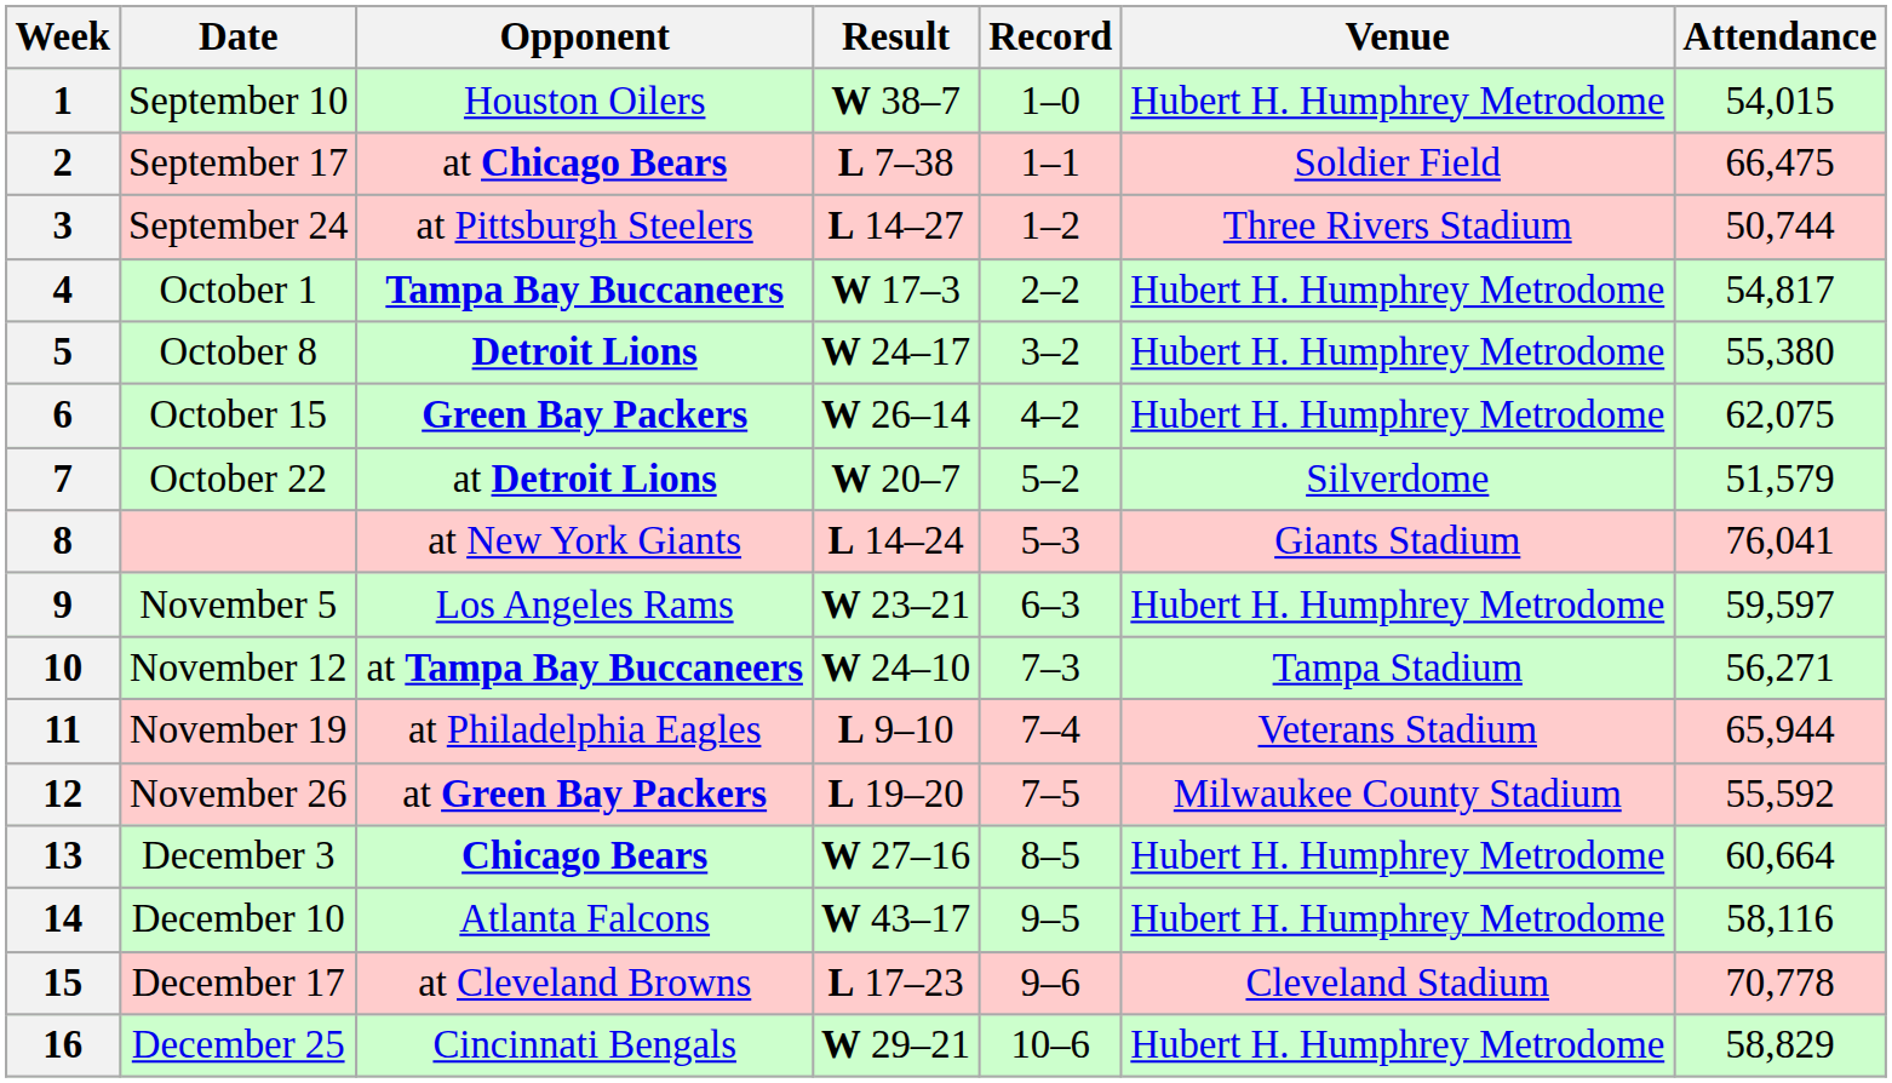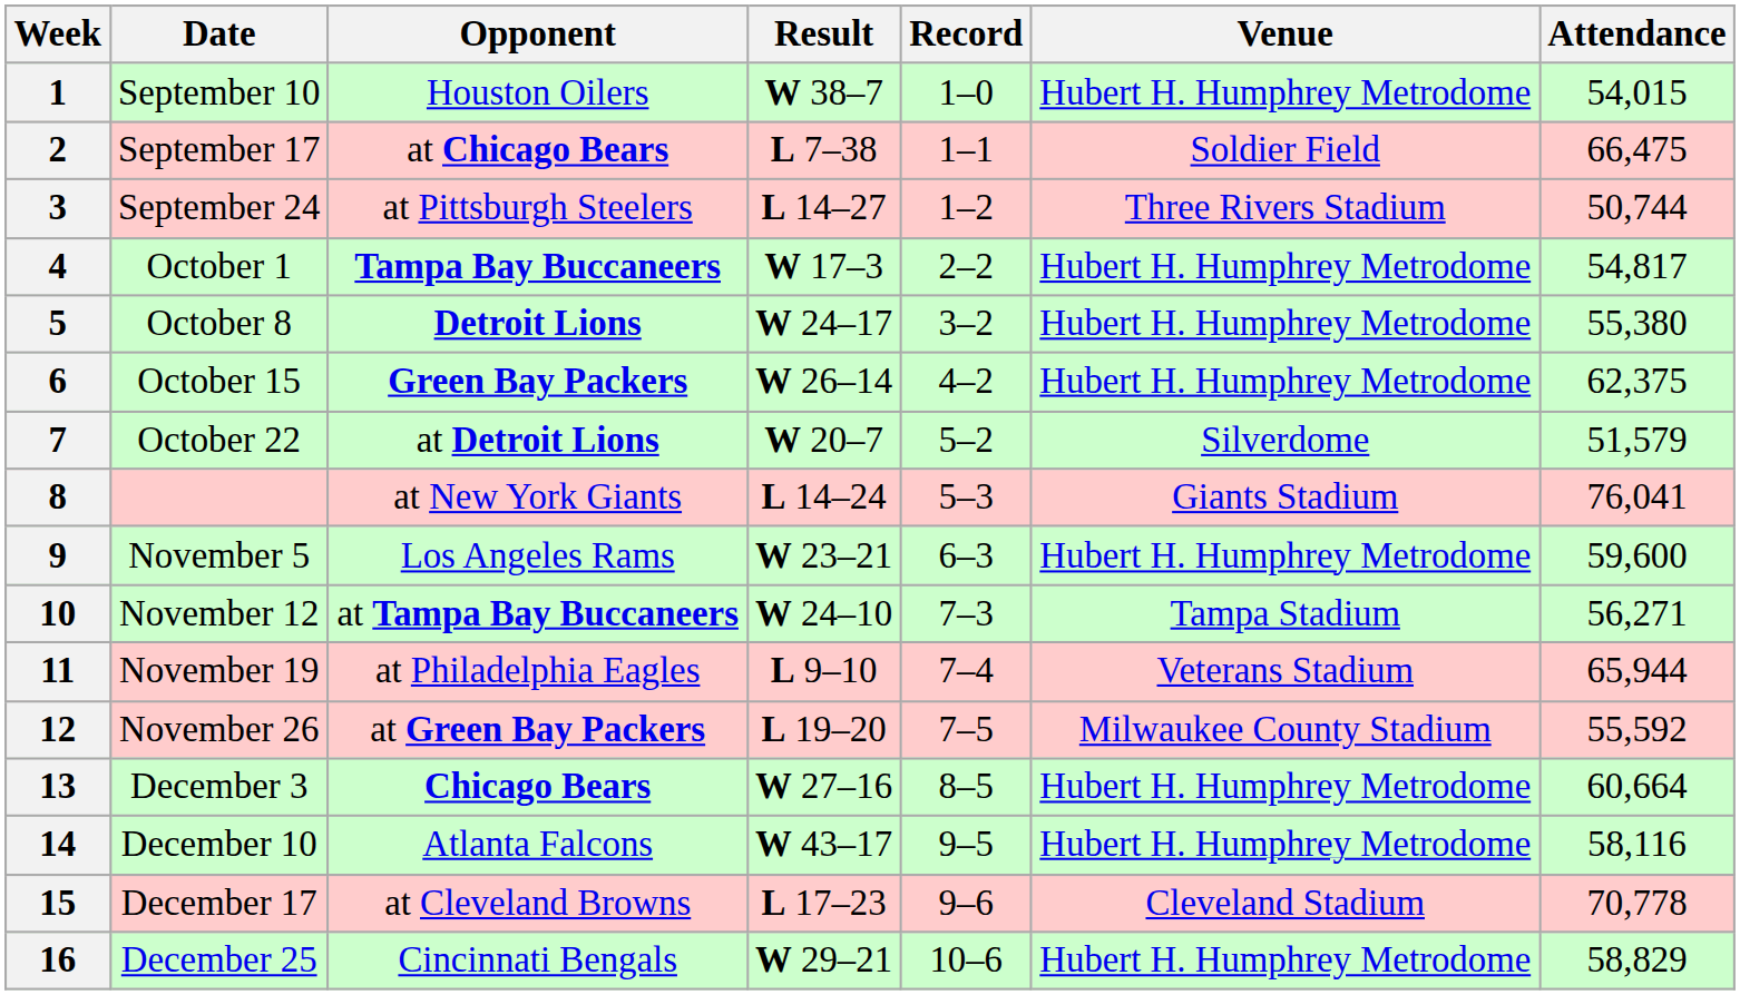 <table class="wikitable" style="text-align:center">
 <tr>
 <th>Week</th>
 <th>Date</th>
 <th>Opponent</th>
 <th>Result</th>
 <th>Record</th>
 <th>Venue</th>
 <th>Attendance</th>
 </tr>
 <tr style="background:#ccffcc">
 <th>1</th>
 <td>September 10</td>
 <td><a href='#'>Houston Oilers</a></td>
 <td><strong>W</strong> 38–7</td>
 <td>1–0</td>
 <td><a href='#'>Hubert H. Humphrey Metrodome</a></td>
 <td>54,015</td>
 </tr>
 <tr style="background:#ffcccc">
 <th>2</th>
 <td>September 17</td>
 <td>at <strong><a href='#'>Chicago Bears</a></strong></td>
 <td><strong>L</strong> 7–38</td>
 <td>1–1</td>
 <td><a href='#'>Soldier Field</a></td>
 <td>66,475</td>
 </tr>
 <tr style="background:#ffcccc">
 <th>3</th>
 <td>September 24</td>
 <td>at <a href='#'>Pittsburgh Steelers</a></td>
 <td><strong>L</strong> 14–27</td>
 <td>1–2</td>
 <td><a href='#'>Three Rivers Stadium</a></td>
 <td>50,744</td>
 </tr>
 <tr style="background:#ccffcc">
 <th>4</th>
 <td>October 1</td>
 <td><strong><a href='#'>Tampa Bay Buccaneers</a></strong></td>
 <td><strong>W</strong> 17–3</td>
 <td>2–2</td>
 <td><a href='#'>Hubert H. Humphrey Metrodome</a></td>
 <td>54,817</td>
 </tr>
 <tr style="background:#ccffcc">
 <th>5</th>
 <td>October 8</td>
 <td><strong><a href='#'>Detroit Lions</a></strong></td>
 <td><strong>W</strong> 24–17</td>
 <td>3–2</td>
 <td><a href='#'>Hubert H. Humphrey Metrodome</a></td>
 <td>55,380</td>
 </tr>
 <tr style="background:#ccffcc">
 <th>6</th>
 <td>October 15</td>
 <td><strong><a href='#'>Green Bay Packers</a></strong></td>
 <td><strong>W</strong> 26–14</td>
 <td>4–2</td>
 <td><a href='#'>Hubert H. Humphrey Metrodome</a></td>
-<td>62,075</td>
+<td>62,375</td>
 </tr>
 <tr style="background:#ccffcc">
 <th>7</th>
 <td>October 22</td>
 <td>at <strong><a href='#'>Detroit Lions</a></strong></td>
 <td><strong>W</strong> 20–7</td>
 <td>5–2</td>
 <td><a href='#'>Silverdome</a></td>
 <td>51,579</td>
 </tr>
 <tr style="background:#ffcccc">
 <th>8</th>
 <td></td>
 <td>at <a href='#'>New York Giants</a></td>
 <td><strong>L</strong> 14–24</td>
 <td>5–3</td>
 <td><a href='#'>Giants Stadium</a></td>
 <td>76,041</td>
 </tr>
 <tr style="background:#ccffcc">
 <th>9</th>
 <td>November 5</td>
 <td><a href='#'>Los Angeles Rams</a></td>
 <td><strong>W</strong> 23–21 </td>
 <td>6–3</td>
 <td><a href='#'>Hubert H. Humphrey Metrodome</a></td>
-<td>59,597</td>
+<td>59,600</td>
 </tr>
 <tr style="background:#ccffcc">
 <th>10</th>
 <td>November 12</td>
 <td>at <strong><a href='#'>Tampa Bay Buccaneers</a></strong></td>
 <td><strong>W</strong> 24–10</td>
 <td>7–3</td>
 <td><a href='#'>Tampa Stadium</a></td>
 <td>56,271</td>
 </tr>
 <tr style="background:#ffcccc">
 <th>11</th>
 <td>November 19</td>
 <td>at <a href='#'>Philadelphia Eagles</a></td>
 <td><strong>L</strong> 9–10</td>
 <td>7–4</td>
 <td><a href='#'>Veterans Stadium</a></td>
 <td>65,944</td>
 </tr>
 <tr style="background:#ffcccc">
 <th>12</th>
 <td>November 26</td>
 <td>at <strong><a href='#'>Green Bay Packers</a></strong></td>
 <td><strong>L</strong> 19–20</td>
 <td>7–5</td>
 <td><a href='#'>Milwaukee County Stadium</a></td>
 <td>55,592</td>
 </tr>
 <tr style="background:#ccffcc">
 <th>13</th>
 <td>December 3</td>
 <td><strong><a href='#'>Chicago Bears</a></strong></td>
 <td><strong>W</strong> 27–16</td>
 <td>8–5</td>
 <td><a href='#'>Hubert H. Humphrey Metrodome</a></td>
 <td>60,664</td>
 </tr>
 <tr style="background:#ccffcc">
 <th>14</th>
 <td>December 10</td>
 <td><a href='#'>Atlanta Falcons</a></td>
 <td><strong>W</strong> 43–17</td>
 <td>9–5</td>
 <td><a href='#'>Hubert H. Humphrey Metrodome</a></td>
 <td>58,116</td>
 </tr>
 <tr style="background:#ffcccc">
 <th>15</th>
 <td>December 17</td>
 <td>at <a href='#'>Cleveland Browns</a></td>
 <td><strong>L</strong> 17–23 </td>
 <td>9–6</td>
 <td><a href='#'>Cleveland Stadium</a></td>
 <td>70,778</td>
 </tr>
 <tr style="background:#ccffcc">
 <th>16</th>
 <td><a href='#'>December 25</a></td>
 <td><a href='#'>Cincinnati Bengals</a></td>
 <td><strong>W</strong> 29–21</td>
 <td>10–6</td>
 <td><a href='#'>Hubert H. Humphrey Metrodome</a></td>
 <td>58,829</td>
 </tr>
 </table>
